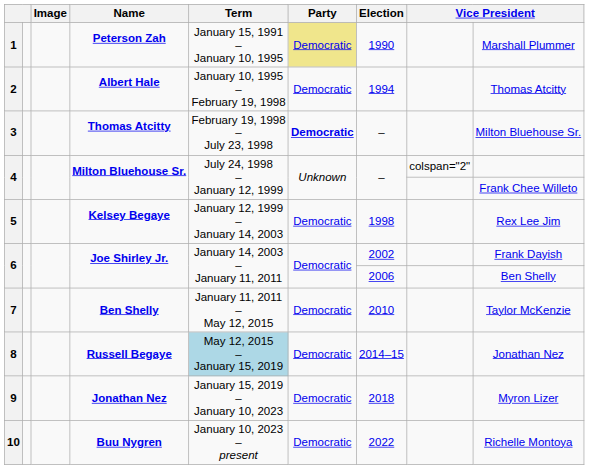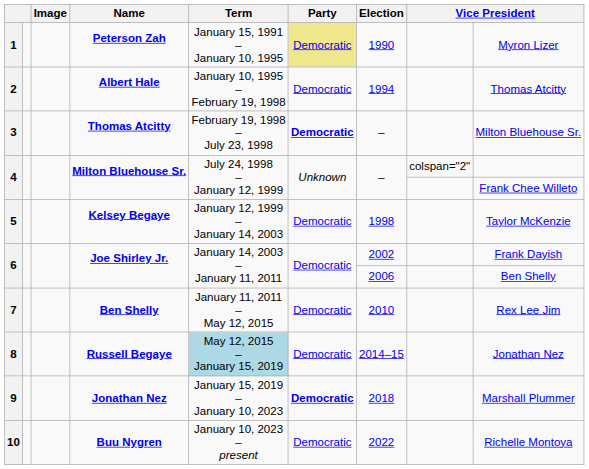 <table class="wikitable" style="text-align:center;">
 <tr bgcolor=#cccccc>
 <th colspan="2"></th>
 <th>Image</th>
 <th>Name</th>
 <th>Term</th>
 <th>Party</th>
 <th>Election</th>
 <th colspan="2"><a href='#'>Vice President</a></th>
 </tr>
 <tr>
 <th>1</th>
 <td style="background-color:"> </td>
 <td></td>
 <td><strong><a href='#'>Peterson Zah</a></strong><br><br></td>
 <td>January 15, 1991<br>–<br>January 10, 1995</td>
 <td style="background: khaki;"><a href='#'>Democratic</a></td>
 <td><a href='#'>1990</a></td>
 <td></td>
-<td><a href='#'>Marshall Plummer</a></td>
+<td><a href='#'>Myron Lizer</a></td>
 </tr>
 <tr>
 <th>2</th>
 <td style="background-color:"> </td>
 <td></td>
 <td><strong><a href='#'>Albert Hale</a></strong><br><br></td>
 <td>January 10, 1995<br>–<br>February 19, 1998</td>
 <td><a href='#'>Democratic</a></td>
 <td><a href='#'>1994</a></td>
 <td style="background-color:"> </td>
 <td><a href='#'>Thomas Atcitty</a></td>
 </tr>
 <tr>
 <th>3</th>
 <td style="background-color:"> </td>
 <td></td>
 <td><strong><a href='#'>Thomas Atcitty</a></strong><br><br></td>
 <td>February 19, 1998<br>–<br>July 23, 1998</td>
 <td><strong><a href='#'>Democratic</a></strong></td>
 <td>–</td>
 <td></td>
 <td><a href='#'>Milton Bluehouse Sr.</a></td>
 </tr>
 <tr>
 <th rowspan="2">4</th>
 <td rowspan="2"> </td>
 <td rowspan="2"></td>
 <td rowspan="2"><strong><a href='#'>Milton Bluehouse Sr.</a></strong><br><br></td>
 <td rowspan="2">July 24, 1998<br>–<br>January 12, 1999</td>
 <td rowspan="2"><em>Unknown</em></td>
 <td rowspan="2">–</td>
 <td>colspan="2" </td>
 </tr>
 <tr>
 <td></td>
 <td><a href='#'>Frank Chee Willeto</a></td>
 </tr>
 <tr>
 <th>5</th>
 <td style="background-color:"> </td>
 <td></td>
 <td><strong><a href='#'>Kelsey Begaye</a></strong><br><br></td>
 <td>January 12, 1999<br>–<br>January 14, 2003</td>
 <td><a href='#'>Democratic</a></td>
 <td><a href='#'>1998</a></td>
 <td></td>
-<td><a href='#'>Rex Lee Jim</a></td>
+<td><a href='#'>Taylor McKenzie</a></td>
 </tr>
 <tr>
 <th rowspan="2">6</th>
 <td rowspan="2" style="background-color:"> </td>
 <td rowspan="2"></td>
 <td rowspan="2"><strong><a href='#'>Joe Shirley Jr.</a></strong><br><br></td>
 <td rowspan="2">January 14, 2003<br>–<br>January 11, 2011</td>
 <td rowspan="2"><a href='#'>Democratic</a></td>
 <td><a href='#'>2002</a></td>
 <td></td>
 <td><a href='#'>Frank Dayish</a></td>
 </tr>
 <tr>
 <td><a href='#'>2006</a></td>
 <td style="background-color:"> </td>
 <td><a href='#'>Ben Shelly</a></td>
 </tr>
 <tr>
 <th>7</th>
 <td style="background-color:"> </td>
 <td></td>
 <td><strong><a href='#'>Ben Shelly</a></strong><br></td>
 <td>January 11, 2011<br>–<br>May 12, 2015</td>
 <td><a href='#'>Democratic</a></td>
 <td><a href='#'>2010</a></td>
 <td></td>
-<td><a href='#'>Taylor McKenzie</a></td>
+<td><a href='#'>Rex Lee Jim</a></td>
 </tr>
 <tr>
 <th>8</th>
 <td style="background-color:"> </td>
 <td></td>
 <td><strong><a href='#'>Russell Begaye</a></strong><br></td>
 <td style="background: lightblue;">May 12, 2015<br>–<br>January 15, 2019</td>
 <td><a href='#'>Democratic</a></td>
 <td><a href='#'>2014–15</a></td>
 <td style="background-color:"> </td>
 <td><a href='#'>Jonathan Nez</a></td>
 </tr>
 <tr>
 <th>9</th>
 <td style="background-color:"> </td>
 <td></td>
 <td><strong><a href='#'>Jonathan Nez</a></strong><br></td>
 <td>January 15, 2019<br>–<br>January 10, 2023</td>
-<td><a href='#'>Democratic</a></td>
+<td><strong><a href='#'>Democratic</a></strong></td>
 <td><a href='#'>2018</a></td>
 <td style="background-color:"> </td>
-<td><a href='#'>Myron Lizer</a></td>
+<td><a href='#'>Marshall Plummer</a></td>
 </tr>
 <tr>
 <th>10</th>
 <td style="background-color:"> </td>
 <td></td>
 <td><strong><a href='#'>Buu Nygren</a></strong><br></td>
 <td>January 10, 2023<br>–<br><em>present</em></td>
 <td><a href='#'>Democratic</a></td>
 <td><a href='#'>2022</a></td>
 <td></td>
 <td><a href='#'>Richelle Montoya</a></td>
 </tr>
 </table>
